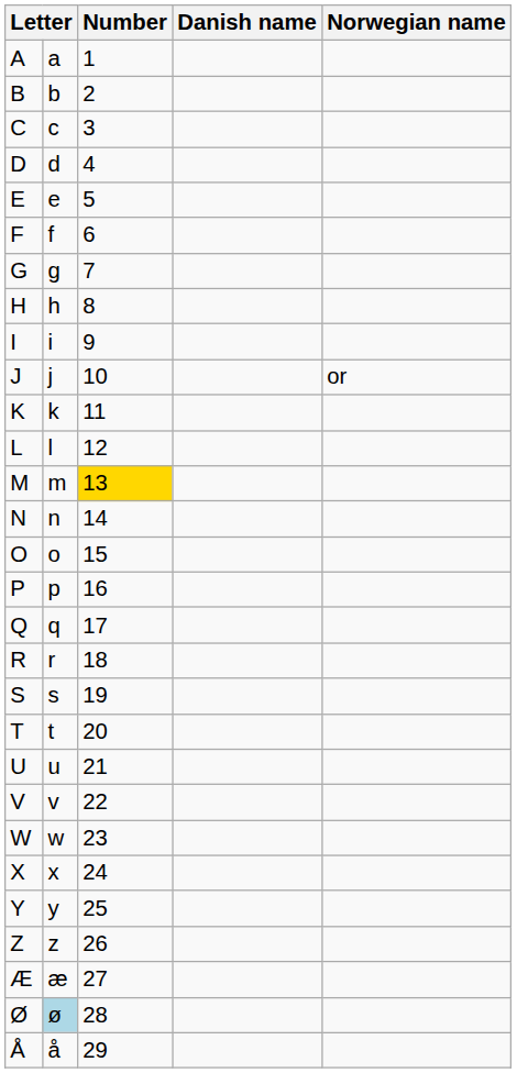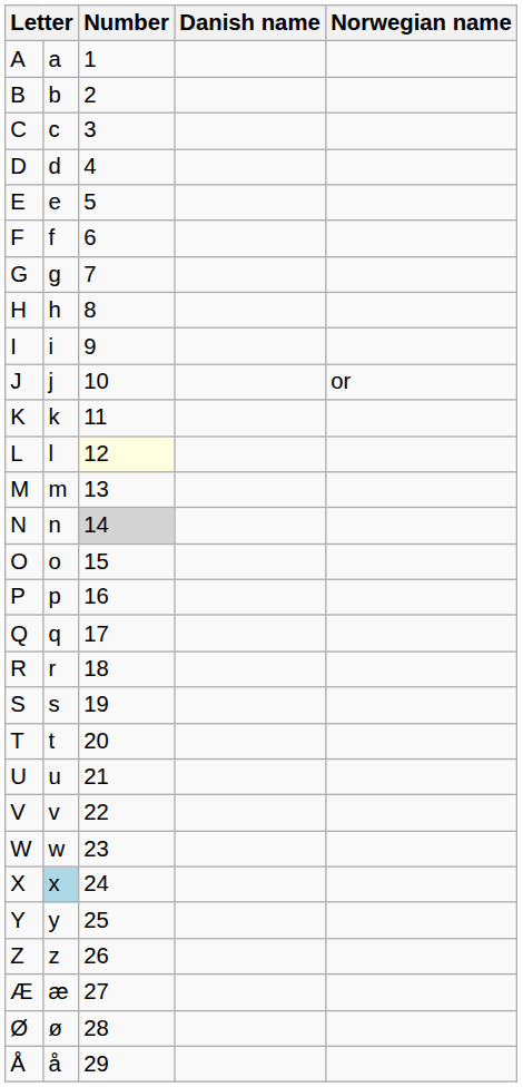 <table class=wikitable>
 <tr>
 <th colspan=2>Letter</th>
 <th>Number</th>
 <th>Danish name</th>
 <th>Norwegian name</th>
 </tr>
 <tr>
 <td>A</td>
 <td>a</td>
 <td>1</td>
 <td></td>
 <td></td>
 </tr>
 <tr>
 <td>B</td>
 <td>b</td>
 <td>2</td>
 <td></td>
 <td></td>
 </tr>
 <tr>
 <td>C</td>
 <td>c</td>
 <td>3</td>
 <td></td>
 <td></td>
 </tr>
 <tr>
 <td>D</td>
 <td>d</td>
 <td>4</td>
 <td></td>
 <td></td>
 </tr>
 <tr>
 <td>E</td>
 <td>e</td>
 <td>5</td>
 <td></td>
 <td></td>
 </tr>
 <tr>
 <td>F</td>
 <td>f</td>
 <td>6</td>
 <td></td>
 <td></td>
 </tr>
 <tr>
 <td>G</td>
 <td>g</td>
 <td>7</td>
 <td></td>
 <td></td>
 </tr>
 <tr>
 <td>H</td>
 <td>h</td>
 <td>8</td>
 <td></td>
 <td></td>
 </tr>
 <tr>
 <td>I</td>
 <td>i</td>
 <td>9</td>
 <td></td>
 <td></td>
 </tr>
 <tr>
 <td>J</td>
 <td>j</td>
 <td>10</td>
 <td></td>
 <td> or </td>
 </tr>
 <tr>
 <td>K</td>
 <td>k</td>
 <td>11</td>
 <td></td>
 <td></td>
 </tr>
 <tr>
 <td>L</td>
 <td>l</td>
-<td>12</td>
+<td style="background: lightyellow;">12</td>
 <td></td>
 <td></td>
 </tr>
 <tr>
 <td>M</td>
 <td>m</td>
-<td style="background: gold;">13</td>
+<td>13</td>
 <td></td>
 <td></td>
 </tr>
 <tr>
 <td>N</td>
 <td>n</td>
-<td>14</td>
+<td style="background: lightgrey;">14</td>
 <td></td>
 <td></td>
 </tr>
 <tr>
 <td>O</td>
 <td>o</td>
 <td>15</td>
 <td></td>
 <td></td>
 </tr>
 <tr>
 <td>P</td>
 <td>p</td>
 <td>16</td>
 <td></td>
 <td></td>
 </tr>
 <tr>
 <td>Q</td>
 <td>q</td>
 <td>17</td>
 <td></td>
 <td></td>
 </tr>
 <tr>
 <td>R</td>
 <td>r</td>
 <td>18</td>
 <td></td>
 <td></td>
 </tr>
 <tr>
 <td>S</td>
 <td>s</td>
 <td>19</td>
 <td></td>
 <td></td>
 </tr>
 <tr>
 <td>T</td>
 <td>t</td>
 <td>20</td>
 <td></td>
 <td></td>
 </tr>
 <tr>
 <td>U</td>
 <td>u</td>
 <td>21</td>
 <td></td>
 <td></td>
 </tr>
 <tr>
 <td>V</td>
 <td>v</td>
 <td>22</td>
 <td></td>
 <td></td>
 </tr>
 <tr>
 <td>W</td>
 <td>w</td>
 <td>23</td>
 <td></td>
 <td></td>
 </tr>
 <tr>
 <td>X</td>
-<td>x</td>
+<td style="background: lightblue;">x</td>
 <td>24</td>
 <td></td>
 <td></td>
 </tr>
 <tr>
 <td>Y</td>
 <td>y</td>
 <td>25</td>
 <td></td>
 <td></td>
 </tr>
 <tr>
 <td>Z</td>
 <td>z</td>
 <td>26</td>
 <td></td>
 <td></td>
 </tr>
 <tr>
 <td>Æ</td>
 <td>æ</td>
 <td>27</td>
 <td></td>
 <td></td>
 </tr>
 <tr>
 <td>Ø</td>
-<td style="background: lightblue;">ø</td>
+<td>ø</td>
 <td>28</td>
 <td></td>
 <td></td>
 </tr>
 <tr>
 <td>Å</td>
 <td>å</td>
 <td>29</td>
 <td></td>
 <td></td>
 </tr>
 </table>
